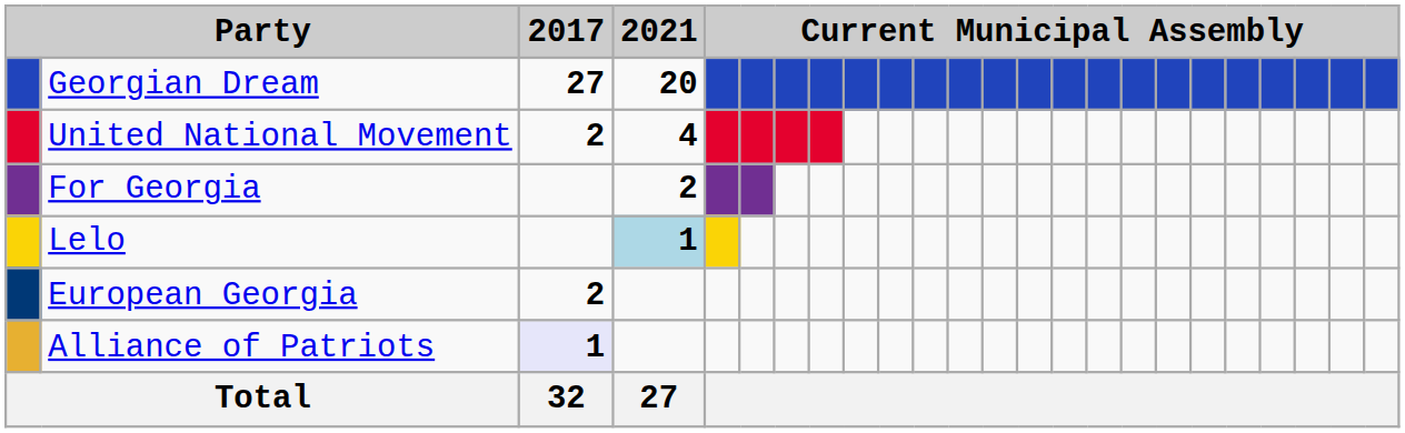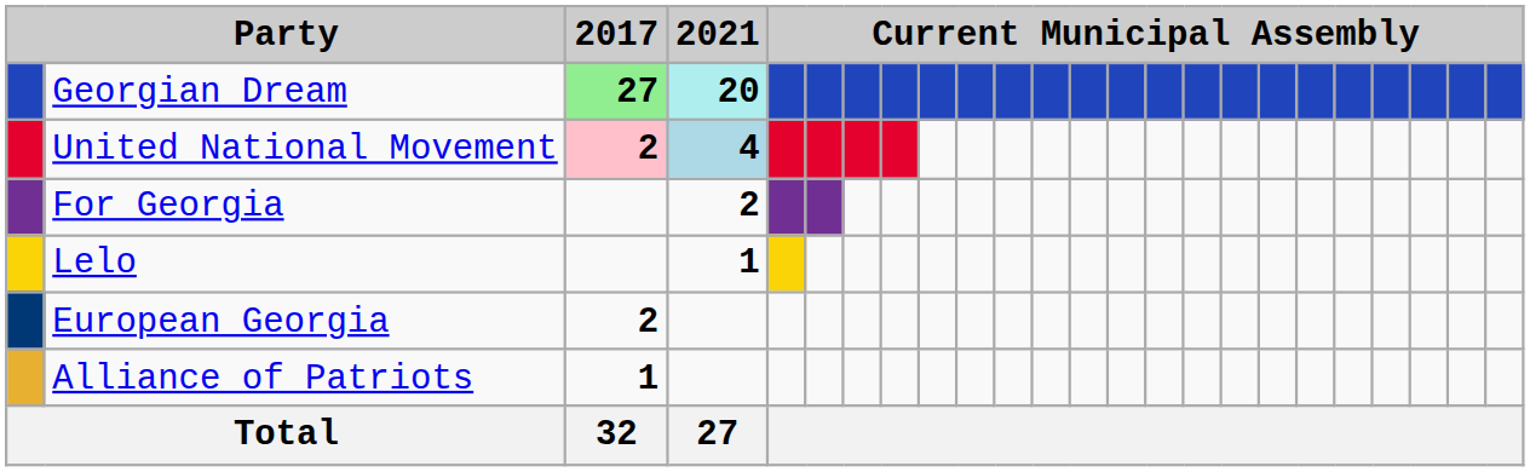 <table class="wikitable">
 <tr>
 <th style="background:#ccc" colspan="2">Party</th>
 <th style="background:#ccc">2017</th>
 <th style="background:#ccc">2021</th>
 <th style="background:#ccc" colspan="45">Current Municipal Assembly</th>
 </tr>
 <tr>
 <td style="background-color: #2044bc"> </td>
 <td><a href='#'>Georgian Dream</a></td>
-<td style="text-align: right"><strong>27</strong></td>
-<td style="text-align: right"><strong>20</strong></td>
+<td style="background: lightgreen; text-align: right"><strong>27</strong></td>
+<td style="background: paleturquoise; text-align: right"><strong>20</strong></td>
 <td style="background-color: #2044bc"></td>
 <td style="background-color: #2044bc"> </td>
 <td style="background-color: #2044bc"> </td>
 <td style="background-color: #2044bc"> </td>
 <td style="background-color: #2044bc"> </td>
 <td style="background-color: #2044bc"> </td>
 <td style="background-color: #2044bc"> </td>
 <td style="background-color: #2044bc"> </td>
 <td style="background-color: #2044bc"> </td>
 <td style="background-color: #2044bc"> </td>
 <td style="background-color: #2044bc"> </td>
 <td style="background-color: #2044bc"> </td>
 <td style="background-color: #2044bc"> </td>
 <td style="background-color: #2044bc"> </td>
 <td style="background-color: #2044bc"> </td>
 <td style="background-color: #2044bc"> </td>
 <td style="background-color: #2044bc"> </td>
 <td style="background-color: #2044bc"> </td>
 <td style="background-color: #2044bc"> </td>
 <td style="background-color: #2044bc"> </td>
 </tr>
 <tr>
 <td style="background-color: #e4012e"> </td>
 <td><a href='#'>United National Movement</a></td>
-<td style="text-align: right"><strong>2</strong></td>
-<td style="text-align: right"><strong>4</strong></td>
+<td style="background: pink; text-align: right"><strong>2</strong></td>
+<td style="background: lightblue; text-align: right"><strong>4</strong></td>
 <td style="background-color: #e4012e"> </td>
 <td style="background-color: #e4012e"> </td>
 <td style="background-color: #e4012e"> </td>
 <td style="background-color: #e4012e"> </td>
 <td></td>
 <td></td>
 <td></td>
 <td></td>
 <td></td>
 <td></td>
 <td></td>
 <td></td>
 <td></td>
 <td></td>
 <td></td>
 <td></td>
 <td></td>
 <td></td>
 <td></td>
 <td></td>
 </tr>
 <tr>
 <td style="background-color: #702F92"> </td>
 <td><a href='#'>For Georgia</a></td>
 <td></td>
 <td style="text-align: right"><strong>2</strong></td>
 <td style="background-color: #702f92"> </td>
 <td style="background-color: #702f92"> </td>
 <td></td>
 <td></td>
 <td></td>
 <td></td>
 <td></td>
 <td></td>
 <td></td>
 <td></td>
 <td></td>
 <td></td>
 <td></td>
 <td></td>
 <td></td>
 <td></td>
 <td></td>
 <td></td>
 <td></td>
 <td></td>
 </tr>
 <tr>
 <td style="background-color: #fad406"> </td>
 <td><a href='#'>Lelo</a></td>
 <td></td>
-<td style="background: lightblue; text-align: right"><strong>1</strong></td>
+<td style="text-align: right"><strong>1</strong></td>
 <td style="background-color: #fad406"> </td>
 <td></td>
 <td></td>
 <td></td>
 <td></td>
 <td></td>
 <td></td>
 <td></td>
 <td></td>
 <td></td>
 <td></td>
 <td></td>
 <td></td>
 <td></td>
 <td></td>
 <td></td>
 <td></td>
 <td></td>
 <td></td>
 <td></td>
 </tr>
 <tr>
 <td style="background-color: #003876"> </td>
 <td><a href='#'>European Georgia</a></td>
 <td style="text-align: right"><strong>2</strong></td>
 <td></td>
 <td></td>
 <td></td>
 <td></td>
 <td></td>
 <td></td>
 <td></td>
 <td></td>
 <td></td>
 <td></td>
 <td></td>
 <td></td>
 <td></td>
 <td></td>
 <td></td>
 <td></td>
 <td></td>
 <td></td>
 <td></td>
 <td></td>
 <td></td>
 </tr>
 <tr>
 <td style="background-color: #e7b031"> </td>
 <td><a href='#'>Alliance of Patriots</a></td>
-<td style="background: lavender; text-align: right"><strong>1</strong></td>
+<td style="text-align: right"><strong>1</strong></td>
 <td></td>
 <td></td>
 <td></td>
 <td></td>
 <td></td>
 <td></td>
 <td></td>
 <td></td>
 <td></td>
 <td></td>
 <td></td>
 <td></td>
 <td></td>
 <td></td>
 <td></td>
 <td></td>
 <td></td>
 <td></td>
 <td></td>
 <td></td>
 <td></td>
 </tr>
 <tr>
 <th colspan=2>Total</th>
 <th align=right>32</th>
 <th align=right>27</th>
 <th colspan=45> </th>
 </tr>
 </table>
